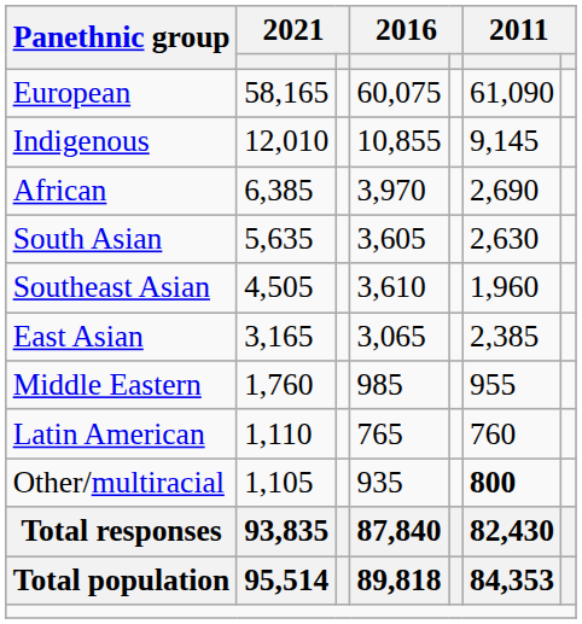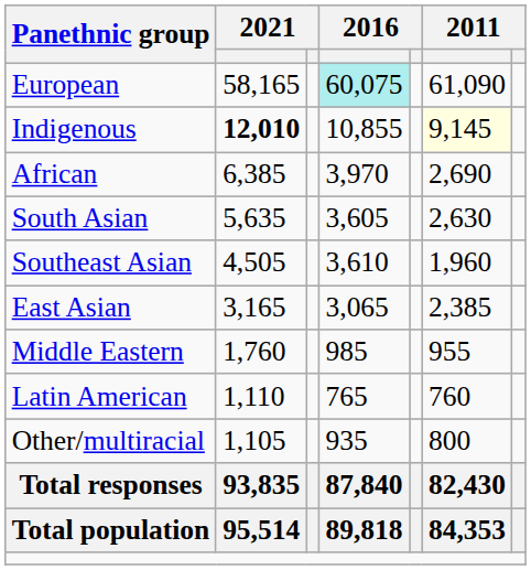 <table class="wikitable collapsible sortable">
 <tr>
 <th rowspan="2"><a href='#'>Panethnic</a> group</th>
 <th colspan="2">2021</th>
 <th colspan="2">2016</th>
 <th colspan="2">2011</th>
 </tr>
 <tr>
 <th><a href='#'></a></th>
 <th></th>
 <th></th>
 <th></th>
 <th></th>
 <th></th>
 </tr>
 <tr>
 <td><a href='#'>European</a></td>
 <td>58,165</td>
 <td></td>
-<td>60,075</td>
+<td style="background: paleturquoise;">60,075</td>
 <td></td>
 <td>61,090</td>
 <td></td>
 </tr>
 <tr>
 <td><a href='#'>Indigenous</a></td>
-<td>12,010</td>
+<td><strong>12,010</strong></td>
 <td></td>
 <td>10,855</td>
 <td></td>
-<td>9,145</td>
+<td style="background: lightyellow;">9,145</td>
 <td></td>
 </tr>
 <tr>
 <td><a href='#'>African</a></td>
 <td>6,385</td>
 <td></td>
 <td>3,970</td>
 <td></td>
 <td>2,690</td>
 <td></td>
 </tr>
 <tr>
 <td><a href='#'>South Asian</a></td>
 <td>5,635</td>
 <td></td>
 <td>3,605</td>
 <td></td>
 <td>2,630</td>
 <td></td>
 </tr>
 <tr>
 <td><a href='#'>Southeast Asian</a></td>
 <td>4,505</td>
 <td></td>
 <td>3,610</td>
 <td></td>
 <td>1,960</td>
 <td></td>
 </tr>
 <tr>
 <td><a href='#'>East Asian</a></td>
 <td>3,165</td>
 <td></td>
 <td>3,065</td>
 <td></td>
 <td>2,385</td>
 <td></td>
 </tr>
 <tr>
 <td><a href='#'>Middle Eastern</a></td>
 <td>1,760</td>
 <td></td>
 <td>985</td>
 <td></td>
 <td>955</td>
 <td></td>
 </tr>
 <tr>
 <td><a href='#'>Latin American</a></td>
 <td>1,110</td>
 <td></td>
 <td>765</td>
 <td></td>
 <td>760</td>
 <td></td>
 </tr>
 <tr>
 <td>Other/<a href='#'>multiracial</a></td>
 <td>1,105</td>
 <td></td>
 <td>935</td>
 <td></td>
-<td><strong>800</strong></td>
+<td>800</td>
 <td></td>
 </tr>
 <tr>
 <th>Total responses</th>
 <th>93,835</th>
 <th></th>
 <th>87,840</th>
 <th></th>
 <th>82,430</th>
 <th></th>
 </tr>
 <tr class="sortbottom">
 <th>Total population</th>
 <th>95,514</th>
 <th></th>
 <th>89,818</th>
 <th></th>
 <th>84,353</th>
 <th></th>
 </tr>
 <tr class="sortbottom">
 <td colspan="15"></td>
 </tr>
 </table>
